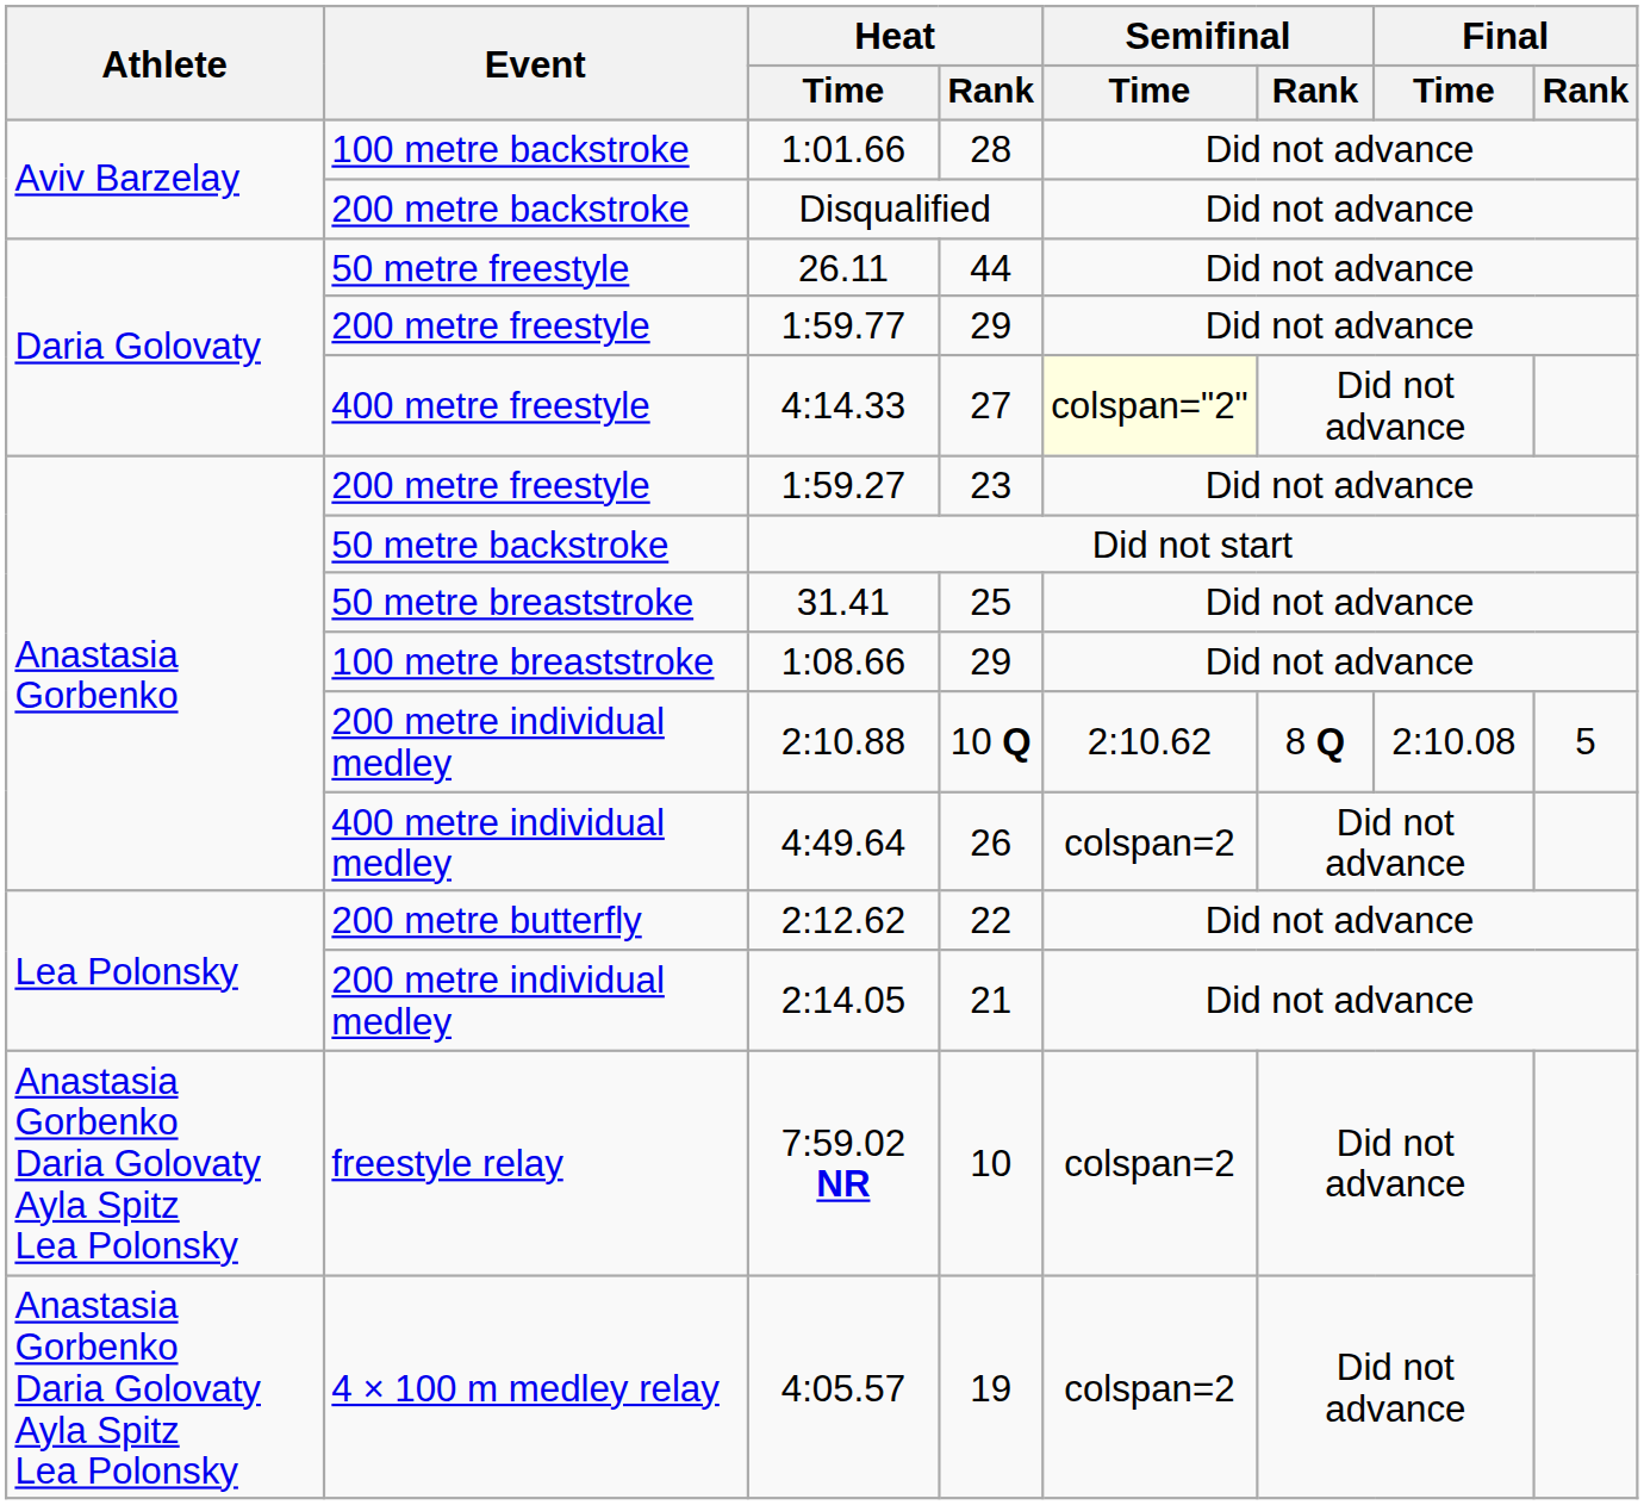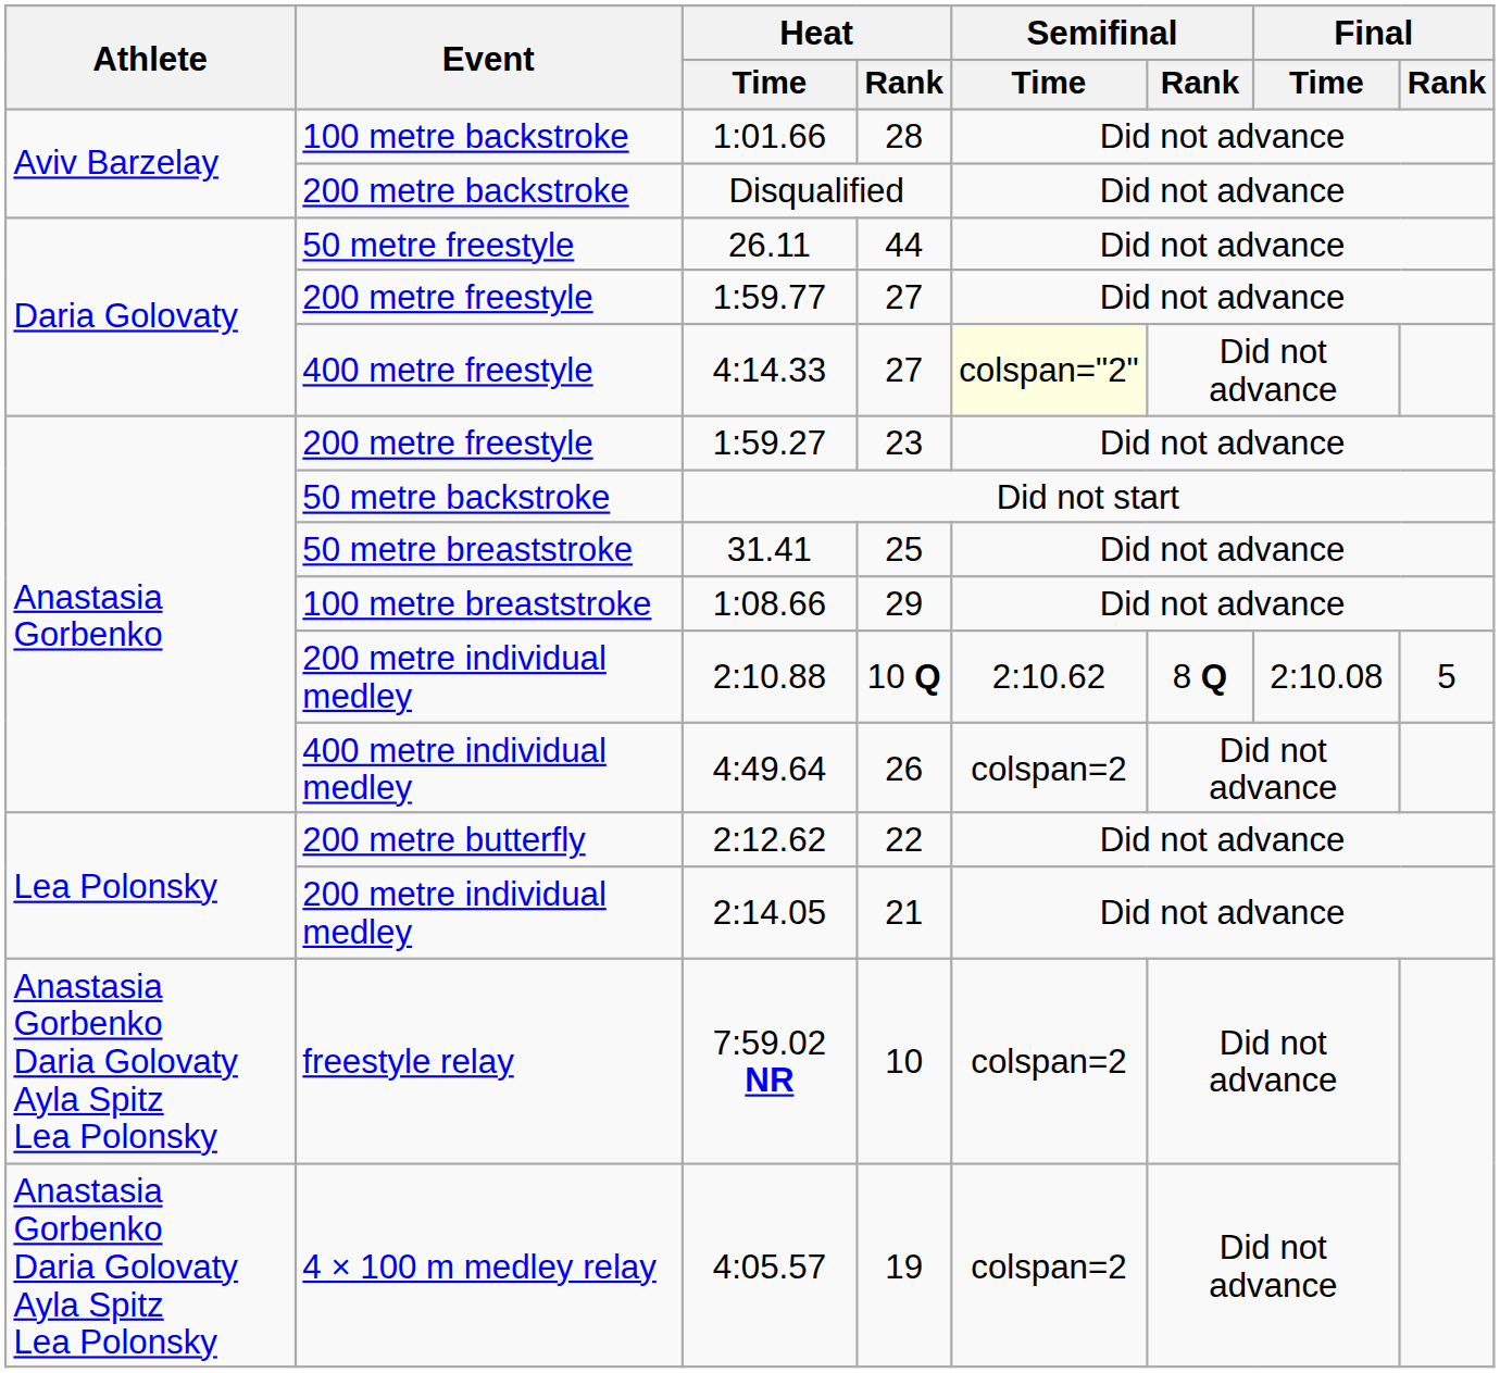 <table class="wikitable" style="text-align:center; font-size:90%; width:50%;">
 <tr>
 <th rowspan="2">Athlete</th>
 <th rowspan="2">Event</th>
 <th colspan="2">Heat</th>
 <th colspan="2">Semifinal</th>
 <th colspan="2">Final</th>
 </tr>
 <tr style="font-size:95%">
 <th>Time</th>
 <th>Rank</th>
 <th>Time</th>
 <th>Rank</th>
 <th>Time</th>
 <th>Rank</th>
 </tr>
 <tr>
 <td align=left rowspan=2><a href='#'>Aviv Barzelay</a></td>
 <td align=left><a href='#'>100 metre backstroke</a></td>
 <td>1:01.66</td>
 <td>28</td>
 <td colspan=4>Did not advance</td>
 </tr>
 <tr>
 <td align=left><a href='#'>200 metre backstroke</a></td>
 <td colspan=2>Disqualified</td>
 <td colspan=4>Did not advance</td>
 </tr>
 <tr>
 <td align=left rowspan=3><a href='#'>Daria Golovaty</a></td>
 <td align=left><a href='#'>50 metre freestyle</a></td>
 <td>26.11</td>
 <td>44</td>
 <td colspan=4>Did not advance</td>
 </tr>
 <tr>
 <td align=left><a href='#'>200 metre freestyle</a></td>
 <td>1:59.77</td>
-<td>29</td>
+<td>27</td>
 <td colspan=4>Did not advance</td>
 </tr>
 <tr>
 <td align=left><a href='#'>400 metre freestyle</a></td>
 <td>4:14.33</td>
 <td>27</td>
 <td style="background: lightyellow;">colspan="2" </td>
 <td colspan="2">Did not advance</td>
 </tr>
 <tr>
 <td align=left rowspan=6><a href='#'>Anastasia Gorbenko</a></td>
 <td align=left><a href='#'>200 metre freestyle</a></td>
 <td>1:59.27</td>
 <td>23</td>
 <td colspan=4>Did not advance</td>
 </tr>
 <tr>
 <td align=left><a href='#'>50 metre backstroke</a></td>
 <td colspan=6>Did not start</td>
 </tr>
 <tr>
 <td align=left><a href='#'>50 metre breaststroke</a></td>
 <td>31.41</td>
 <td>25</td>
 <td colspan=4>Did not advance</td>
 </tr>
 <tr>
 <td align=left><a href='#'>100 metre breaststroke</a></td>
 <td>1:08.66</td>
 <td>29</td>
 <td colspan=4>Did not advance</td>
 </tr>
 <tr>
 <td align=left><a href='#'>200 metre individual medley</a></td>
 <td>2:10.88</td>
 <td>10 <strong>Q</strong></td>
 <td>2:10.62</td>
 <td>8 <strong>Q</strong></td>
 <td>2:10.08</td>
 <td>5</td>
 </tr>
 <tr>
 <td align=left><a href='#'>400 metre individual medley</a></td>
 <td>4:49.64</td>
 <td>26</td>
 <td>colspan=2 </td>
 <td colspan=2>Did not advance</td>
 </tr>
 <tr>
 <td align=left rowspan=2><a href='#'>Lea Polonsky</a></td>
 <td align=left><a href='#'>200 metre butterfly</a></td>
 <td>2:12.62</td>
 <td>22</td>
 <td colspan=4>Did not advance</td>
 </tr>
 <tr>
 <td align=left><a href='#'>200 metre individual medley</a></td>
 <td>2:14.05</td>
 <td>21</td>
 <td colspan=4>Did not advance</td>
 </tr>
 <tr>
 <td align=left><a href='#'>Anastasia Gorbenko</a><br><a href='#'>Daria Golovaty</a> <br><a href='#'>Ayla Spitz</a> <br><a href='#'>Lea Polonsky</a></td>
 <td align=left><a href='#'> freestyle relay</a></td>
 <td>7:59.02 <strong><a href='#'>NR</a></strong></td>
 <td>10</td>
 <td>colspan=2 </td>
 <td colspan=2>Did not advance</td>
 </tr>
 <tr>
 <td align=left><a href='#'>Anastasia Gorbenko</a><br><a href='#'>Daria Golovaty</a> <br><a href='#'>Ayla Spitz</a> <br><a href='#'>Lea Polonsky</a></td>
 <td align=left><a href='#'>4 × 100 m medley relay</a></td>
 <td>4:05.57</td>
 <td>19</td>
 <td>colspan=2 </td>
 <td colspan=2>Did not advance</td>
 </tr>
 </table>
